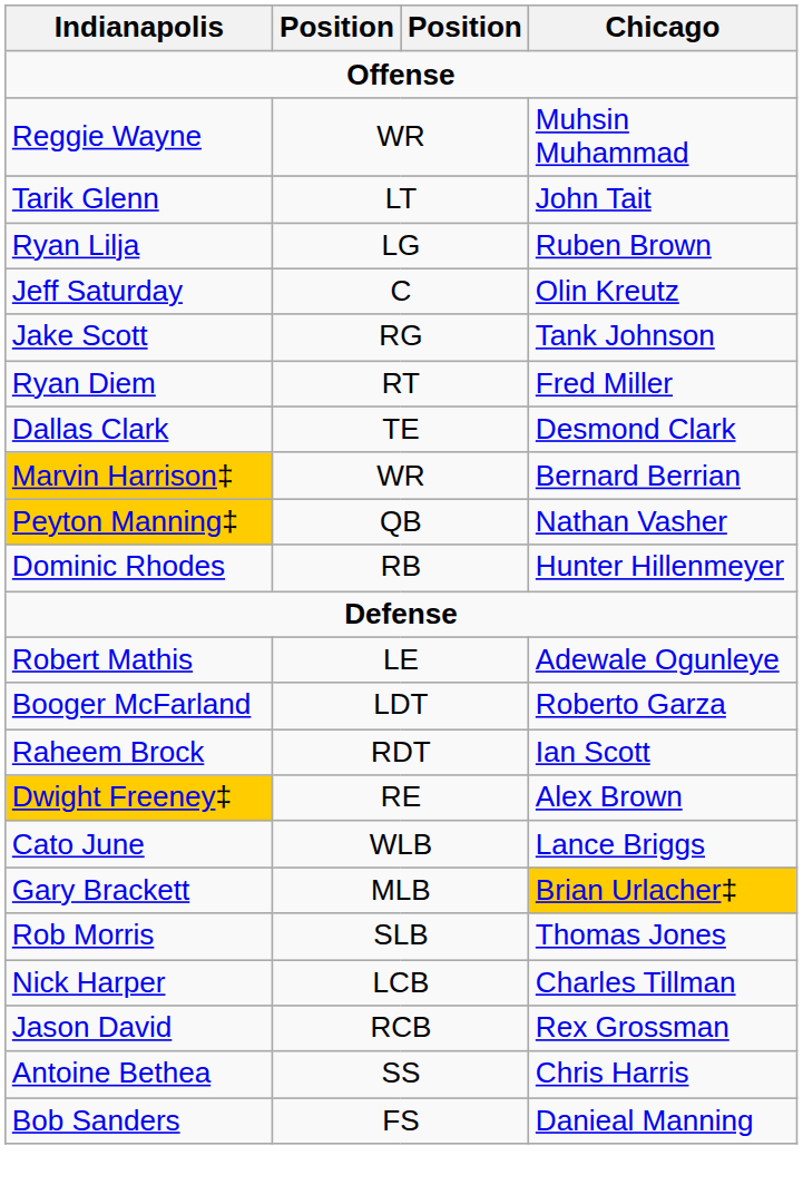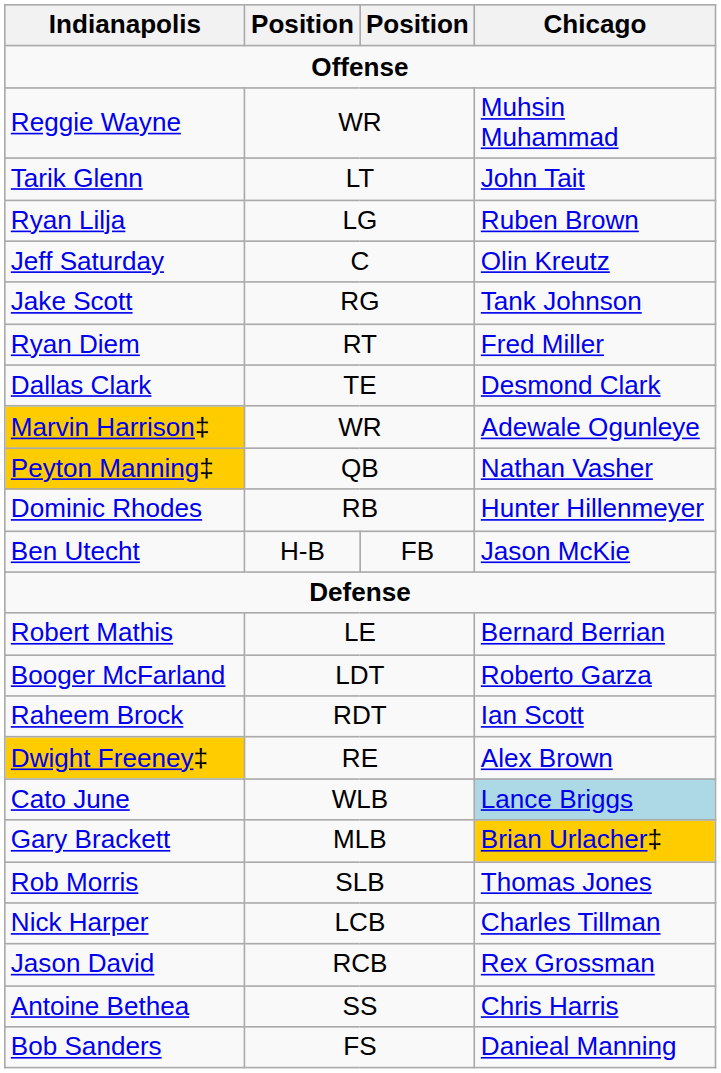 <table class="wikitable">
 <tr>
 <th width="140px">Indianapolis</th>
 <th>Position</th>
 <th>Position</th>
 <th width="140px">Chicago</th>
 </tr>
 <tr>
 <td colspan=4 align=center><strong>Offense</strong></td>
 </tr>
 <tr>
 <td><a href='#'>Reggie Wayne</a></td>
 <td colspan="2" style="text-align:center;">WR</td>
 <td><a href='#'>Muhsin Muhammad</a></td>
 </tr>
 <tr>
 <td><a href='#'>Tarik Glenn</a></td>
 <td colspan="2" style="text-align:center;">LT</td>
 <td><a href='#'>John Tait</a></td>
 </tr>
 <tr>
 <td><a href='#'>Ryan Lilja</a></td>
 <td colspan="2" style="text-align:center;">LG</td>
 <td><a href='#'>Ruben Brown</a></td>
 </tr>
 <tr>
 <td><a href='#'>Jeff Saturday</a></td>
 <td colspan="2" style="text-align:center;">C</td>
 <td><a href='#'>Olin Kreutz</a></td>
 </tr>
 <tr>
 <td><a href='#'>Jake Scott</a></td>
 <td colspan="2" style="text-align:center;">RG</td>
 <td><a href='#'>Tank Johnson</a></td>
 </tr>
 <tr>
 <td><a href='#'>Ryan Diem</a></td>
 <td colspan="2" style="text-align:center;">RT</td>
 <td><a href='#'>Fred Miller</a></td>
 </tr>
 <tr>
 <td><a href='#'>Dallas Clark</a></td>
 <td colspan="2" style="text-align:center;">TE</td>
 <td><a href='#'>Desmond Clark</a></td>
 </tr>
 <tr>
 <td bgcolor="#FFCC00"><a href='#'>Marvin Harrison</a>‡</td>
 <td colspan="2" style="text-align:center;">WR</td>
-<td><a href='#'>Bernard Berrian</a></td>
+<td><a href='#'>Adewale Ogunleye</a></td>
 </tr>
 <tr>
 <td bgcolor="#FFCC00"><a href='#'>Peyton Manning</a>‡</td>
 <td colspan="2" style="text-align:center;">QB</td>
 <td><a href='#'>Nathan Vasher</a></td>
 </tr>
 <tr>
 <td><a href='#'>Dominic Rhodes</a></td>
 <td colspan="2" style="text-align:center;">RB</td>
 <td><a href='#'>Hunter Hillenmeyer</a></td>
 </tr>
 <tr>
+<td><a href='#'>Ben Utecht</a></td>
+<td style="text-align:center;">H-B</td>
+<td style="text-align:center;">FB</td>
+<td><a href='#'>Jason McKie</a></td>
+</tr>
+<tr>
 <td colspan=4 align=center><strong>Defense</strong></td>
 </tr>
 <tr>
 <td><a href='#'>Robert Mathis</a></td>
 <td colspan="2" style="text-align:center;">LE</td>
-<td><a href='#'>Adewale Ogunleye</a></td>
+<td><a href='#'>Bernard Berrian</a></td>
 </tr>
 <tr>
 <td><a href='#'>Booger McFarland</a></td>
 <td colspan="2" style="text-align:center;">LDT</td>
 <td><a href='#'>Roberto Garza</a></td>
 </tr>
 <tr>
 <td><a href='#'>Raheem Brock</a></td>
 <td colspan="2" style="text-align:center;">RDT</td>
 <td><a href='#'>Ian Scott</a></td>
 </tr>
 <tr>
 <td bgcolor="#FFCC00"><a href='#'>Dwight Freeney</a>‡</td>
 <td colspan="2" style="text-align:center;">RE</td>
 <td><a href='#'>Alex Brown</a></td>
 </tr>
 <tr>
 <td><a href='#'>Cato June</a></td>
 <td colspan="2" style="text-align:center;">WLB</td>
-<td><a href='#'>Lance Briggs</a></td>
+<td style="background: lightblue;"><a href='#'>Lance Briggs</a></td>
 </tr>
 <tr>
 <td><a href='#'>Gary Brackett</a></td>
 <td colspan="2" style="text-align:center;">MLB</td>
 <td bgcolor="#FFCC00"><a href='#'>Brian Urlacher</a>‡</td>
 </tr>
 <tr>
 <td><a href='#'>Rob Morris</a></td>
 <td colspan="2" style="text-align:center;">SLB</td>
 <td><a href='#'>Thomas Jones</a></td>
 </tr>
 <tr>
 <td><a href='#'>Nick Harper</a></td>
 <td colspan="2" style="text-align:center;">LCB</td>
 <td><a href='#'>Charles Tillman</a></td>
 </tr>
 <tr>
 <td><a href='#'>Jason David</a></td>
 <td colspan="2" style="text-align:center;">RCB</td>
 <td><a href='#'>Rex Grossman</a></td>
 </tr>
 <tr>
 <td><a href='#'>Antoine Bethea</a></td>
 <td colspan="2" style="text-align:center;">SS</td>
 <td><a href='#'>Chris Harris</a></td>
 </tr>
 <tr>
 <td><a href='#'>Bob Sanders</a></td>
 <td colspan="2" style="text-align:center;">FS</td>
 <td><a href='#'>Danieal Manning</a></td>
 </tr>
 </table>
